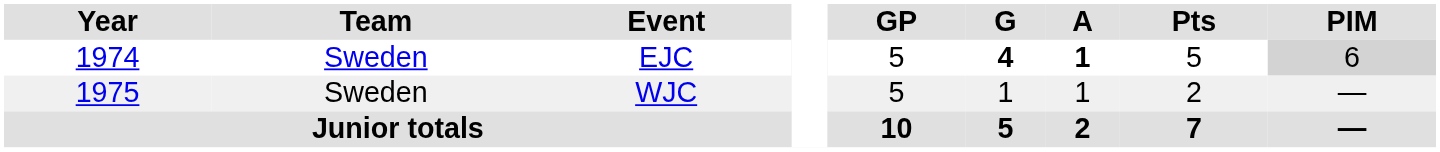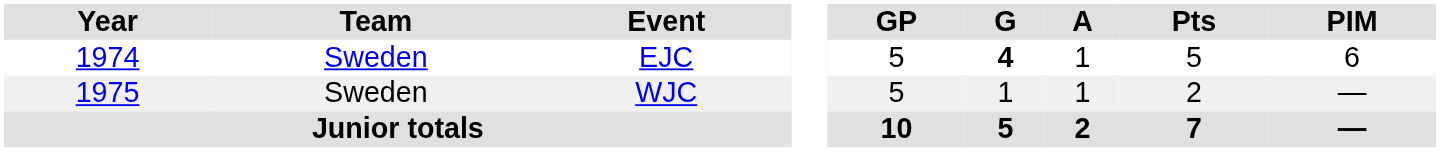 <table border="0" cellpadding="1" cellspacing="0" style="text-align:center; width:50em">
 <tr ALIGN="center" bgcolor="#e0e0e0">
 <th>Year</th>
 <th>Team</th>
 <th>Event</th>
 <th rowspan="99" bgcolor="#ffffff"> </th>
 <th>GP</th>
 <th>G</th>
 <th>A</th>
 <th>Pts</th>
 <th>PIM</th>
 </tr>
 <tr>
 <td><a href='#'>1974</a></td>
 <td><a href='#'>Sweden</a></td>
 <td><a href='#'>EJC</a></td>
 <td>5</td>
 <td><strong>4</strong></td>
-<td><strong>1</strong></td>
+<td>1</td>
 <td>5</td>
-<td style="background: lightgrey;">6</td>
+<td>6</td>
 </tr>
 <tr bgcolor="#f0f0f0">
 <td><a href='#'>1975</a></td>
 <td>Sweden</td>
 <td><a href='#'>WJC</a></td>
 <td>5</td>
 <td>1</td>
 <td>1</td>
 <td>2</td>
 <td>—</td>
 </tr>
 <tr bgcolor="#e0e0e0">
 <th colspan=3>Junior totals</th>
 <th>10</th>
 <th>5</th>
 <th>2</th>
 <th>7</th>
 <th>—</th>
 </tr>
 </table>
